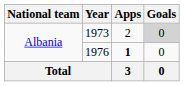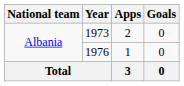 <table class=wikitable style="text-align: center;">
 <tr>
 <th>National team</th>
 <th>Year</th>
 <th>Apps</th>
 <th>Goals</th>
 </tr>
 <tr>
 <td rowspan="2"><a href='#'>Albania</a></td>
 <td>1973</td>
 <td>2</td>
-<td style="background: lightgrey;">0</td>
+<td>0</td>
 </tr>
 <tr>
 <td>1976</td>
-<td><strong>1</strong></td>
+<td>1</td>
 <td>0</td>
 </tr>
 <tr>
 <th colspan="2">Total</th>
 <th>3</th>
 <th>0</th>
 </tr>
 </table>
